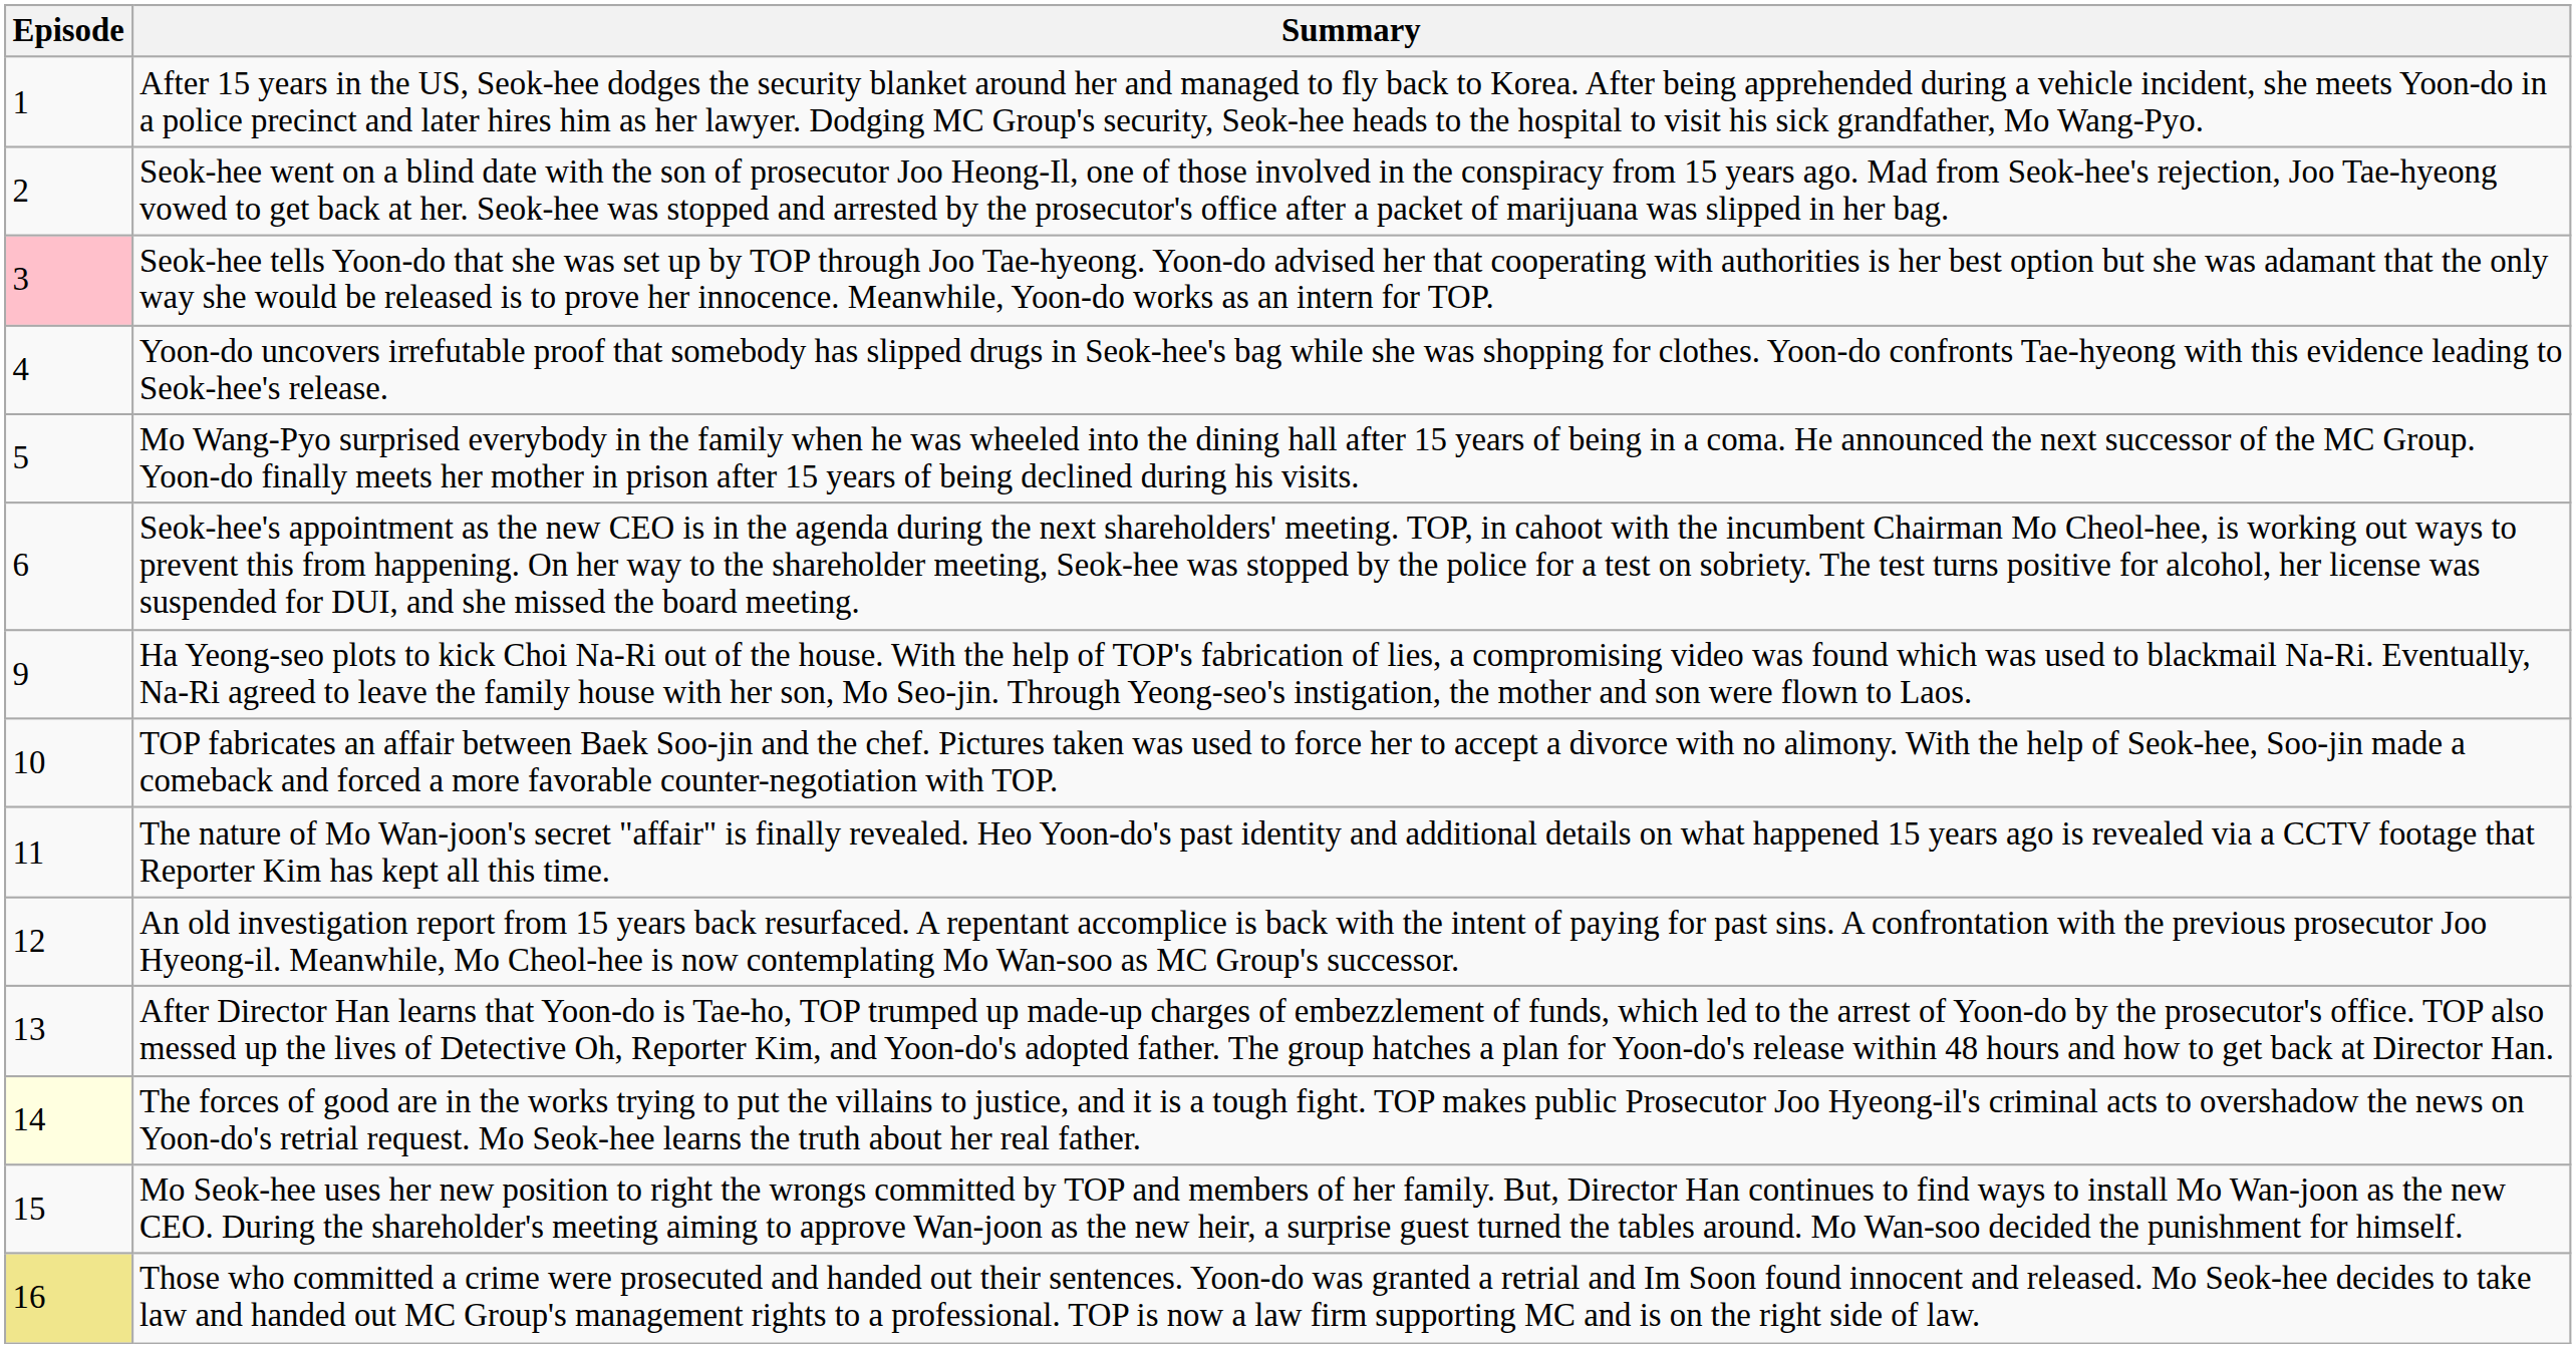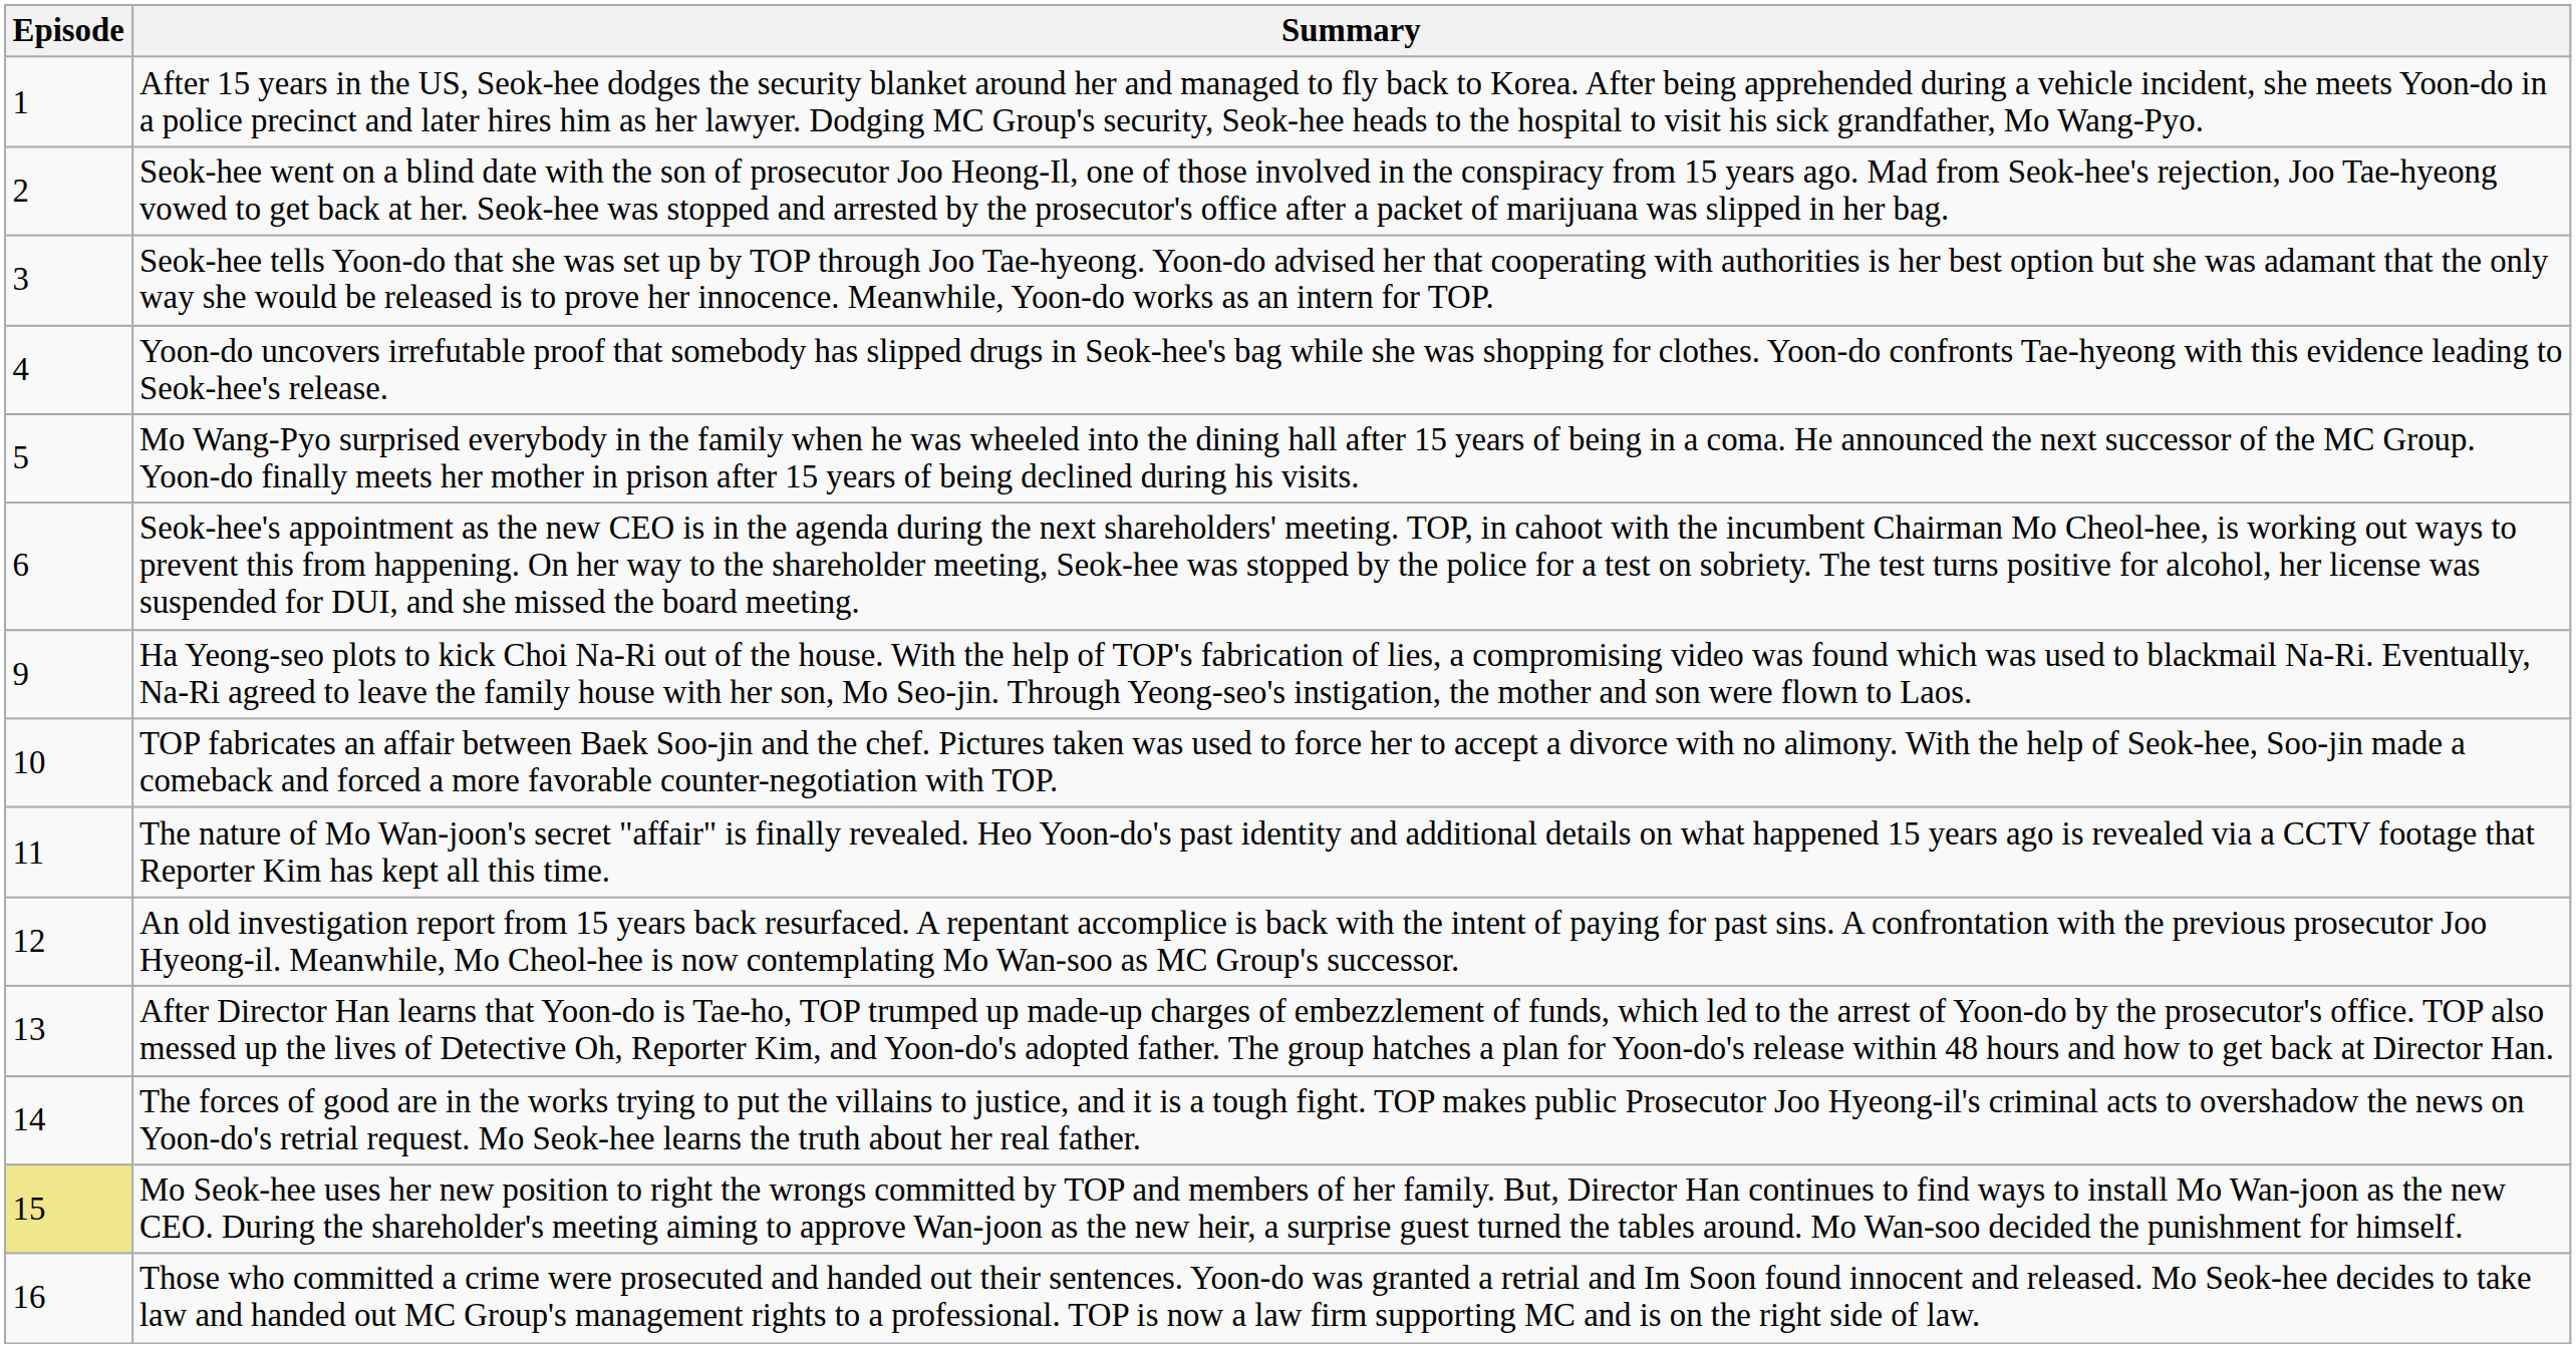 <table class="wikitable">
 <tr>
 <th>Episode</th>
 <th>Summary</th>
 </tr>
 <tr>
 <td>1</td>
 <td>After 15 years in the US, Seok-hee dodges the security blanket around her and managed to fly back to Korea. After being apprehended during a vehicle incident, she meets Yoon-do in a police precinct and later hires him as her lawyer. Dodging MC Group's security, Seok-hee heads to the hospital to visit his sick grandfather, Mo Wang-Pyo.</td>
 </tr>
 <tr>
 <td>2</td>
 <td>Seok-hee went on a blind date with the son of prosecutor Joo Heong-Il, one of those involved in the conspiracy from 15 years ago. Mad from Seok-hee's rejection, Joo Tae-hyeong vowed to get back at her. Seok-hee was stopped and arrested by the prosecutor's office after a packet of marijuana was slipped in her bag.</td>
 </tr>
 <tr>
-<td style="background: pink;">3</td>
+<td>3</td>
 <td>Seok-hee tells Yoon-do that she was set up by TOP through Joo Tae-hyeong. Yoon-do advised her that cooperating with authorities is her best option but she was adamant that the only way she would be released is to prove her innocence. Meanwhile, Yoon-do works as an intern for TOP.</td>
 </tr>
 <tr>
 <td>4</td>
 <td>Yoon-do uncovers irrefutable proof that somebody has slipped drugs in Seok-hee's bag while she was shopping for clothes. Yoon-do confronts Tae-hyeong with this evidence leading to Seok-hee's release.</td>
 </tr>
 <tr>
 <td>5</td>
 <td>Mo Wang-Pyo surprised everybody in the family when he was wheeled into the dining hall after 15 years of being in a coma. He announced the next successor of the MC Group. Yoon-do finally meets her mother in prison after 15 years of being declined during his visits.</td>
 </tr>
 <tr>
 <td>6</td>
 <td>Seok-hee's appointment as the new CEO is in the agenda during the next shareholders' meeting. TOP, in cahoot with the incumbent Chairman Mo Cheol-hee, is working out ways to prevent this from happening. On her way to the shareholder meeting, Seok-hee was stopped by the police for a test on sobriety. The test turns positive for alcohol, her license was suspended for DUI, and she missed the board meeting.</td>
 </tr>
 <tr>
 <td>9</td>
 <td>Ha Yeong-seo plots to kick Choi Na-Ri out of the house. With the help of TOP's fabrication of lies, a compromising video was found which was used to blackmail Na-Ri. Eventually, Na-Ri agreed to leave the family house with her son, Mo Seo-jin. Through Yeong-seo's instigation, the mother and son were flown to Laos.</td>
 </tr>
 <tr>
 <td>10</td>
 <td>TOP fabricates an affair between Baek Soo-jin and the chef. Pictures taken was used to force her to accept a divorce with no alimony. With the help of Seok-hee, Soo-jin made a comeback and forced a more favorable counter-negotiation with TOP.</td>
 </tr>
 <tr>
 <td>11</td>
 <td>The nature of Mo Wan-joon's secret "affair" is finally revealed. Heo Yoon-do's past identity and additional details on what happened 15 years ago is revealed via a CCTV footage that Reporter Kim has kept all this time.</td>
 </tr>
 <tr>
 <td>12</td>
 <td>An old investigation report from 15 years back resurfaced. A repentant accomplice is back with the intent of paying for past sins. A confrontation with the previous prosecutor Joo Hyeong-il. Meanwhile, Mo Cheol-hee is now contemplating Mo Wan-soo as MC Group's successor.</td>
 </tr>
 <tr>
 <td>13</td>
 <td>After Director Han learns that Yoon-do is Tae-ho, TOP trumped up made-up charges of embezzlement of funds, which led to the arrest of Yoon-do by the prosecutor's office. TOP also messed up the lives of Detective Oh, Reporter Kim, and Yoon-do's adopted father. The group hatches a plan for Yoon-do's release within 48 hours and how to get back at Director Han.</td>
 </tr>
 <tr>
-<td style="background: lightyellow;">14</td>
+<td>14</td>
 <td>The forces of good are in the works trying to put the villains to justice, and it is a tough fight. TOP  makes public Prosecutor Joo Hyeong-il's criminal acts to overshadow the news on Yoon-do's retrial request. Mo Seok-hee learns the truth about her real father.</td>
 </tr>
 <tr>
-<td>15</td>
+<td style="background: khaki;">15</td>
 <td>Mo Seok-hee uses her new position to right the wrongs committed by TOP and members of her family. But, Director Han continues to find ways to install Mo Wan-joon as the new CEO. During the shareholder's meeting aiming to approve Wan-joon as the new heir, a surprise guest turned the tables around. Mo Wan-soo decided the punishment for himself.</td>
 </tr>
 <tr>
-<td style="background: khaki;">16</td>
+<td>16</td>
 <td>Those who committed a crime were prosecuted and handed out their sentences. Yoon-do was granted a retrial and Im Soon found innocent and released. Mo Seok-hee decides to take law and handed out MC Group's management rights to a professional. TOP is now a law firm supporting MC and is on the right side of law.</td>
 </tr>
 </table>
